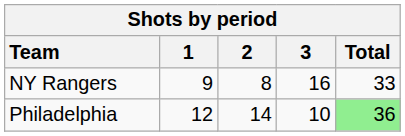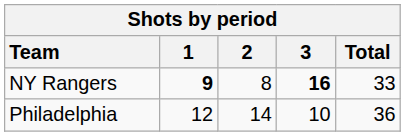 <table class="wikitable" style="width:20em; text-align:right;">
 <tr>
 <th colspan=6>Shots by period</th>
 </tr>
 <tr>
 <th style="width:8em; text-align:left;">Team</th>
 <th style="width:3em;">1</th>
 <th style="width:3em;">2</th>
 <th style="width:3em;">3</th>
 <th style="width:3em;">Total</th>
 </tr>
 <tr>
 <td style="text-align:left;">NY Rangers</td>
-<td>9</td>
+<td><strong>9</strong></td>
 <td>8</td>
-<td>16</td>
+<td><strong>16</strong></td>
 <td>33</td>
 </tr>
 <tr>
 <td style="text-align:left;">Philadelphia</td>
 <td>12</td>
 <td>14</td>
 <td>10</td>
-<td style="background: lightgreen;">36</td>
+<td>36</td>
 </tr>
 </table>
